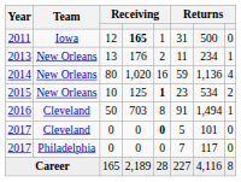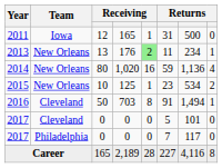 <table class="wikitable sortable" style="text-align:center">
 <tr>
 <th rowspan=2>Year</th>
 <th rowspan=2>Team</th>
 <th colspan=3>Receiving</th>
 <th colspan=3>Returns</th>
 </tr>
 <tr>
 <th></th>
 <th></th>
 <th></th>
 <th></th>
 <th></th>
 <th></th>
 </tr>
 <tr>
 <td><a href='#'>2011</a></td>
 <td><a href='#'>Iowa</a></td>
 <td>12</td>
-<td><strong>165</strong></td>
+<td>165</td>
 <td>1</td>
 <td>31</td>
 <td>500</td>
 <td>0</td>
 </tr>
 <tr>
 <td><a href='#'>2013</a></td>
 <td><a href='#'>New Orleans</a></td>
 <td>13</td>
 <td>176</td>
-<td>2</td>
+<td style="background: lightgreen;">2</td>
 <td>11</td>
 <td>234</td>
 <td>1</td>
 </tr>
 <tr>
 <td><a href='#'>2014</a></td>
 <td><a href='#'>New Orleans</a></td>
 <td>80</td>
 <td>1,020</td>
 <td>16</td>
 <td>59</td>
 <td>1,136</td>
 <td>4</td>
 </tr>
 <tr>
 <td><a href='#'>2015</a></td>
 <td><a href='#'>New Orleans</a></td>
 <td>10</td>
 <td>125</td>
-<td><strong>1</strong></td>
+<td>1</td>
 <td>23</td>
 <td>534</td>
 <td>2</td>
 </tr>
 <tr>
 <td><a href='#'>2016</a></td>
 <td><a href='#'>Cleveland</a></td>
 <td>50</td>
 <td>703</td>
 <td>8</td>
 <td>91</td>
 <td>1,494</td>
 <td>1</td>
 </tr>
 <tr>
 <td><a href='#'>2017</a></td>
 <td><a href='#'>Cleveland</a></td>
 <td>0</td>
 <td>0</td>
-<td><strong>0</strong></td>
+<td>0</td>
 <td>5</td>
 <td>101</td>
 <td>0</td>
 </tr>
 <tr>
 <td><a href='#'>2017</a></td>
 <td><a href='#'>Philadelphia</a></td>
 <td>0</td>
 <td>0</td>
 <td>0</td>
 <td>7</td>
 <td>117</td>
-<td style="background: lightyellow;">0</td>
+<td>0</td>
 </tr>
 <tr class="sortbottom" style="background:#eee;">
 <td colspan=2><strong>Career</strong></td>
 <td>165</td>
 <td>2,189</td>
 <td>28</td>
 <td>227</td>
 <td>4,116</td>
 <td>8</td>
 </tr>
 </table>
